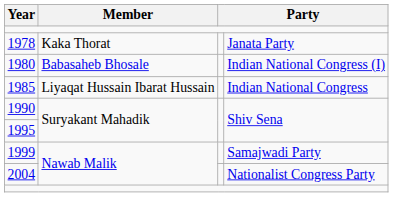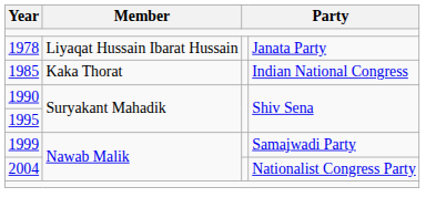 <table class=wikitable>
 <tr>
 <th>Year</th>
 <th>Member</th>
 <th colspan="2">Party</th>
 </tr>
 <tr>
 <td colspan="4"></td>
 </tr>
 <tr>
 <td><a href='#'>1978</a></td>
-<td>Kaka Thorat</td>
+<td>Liyaqat Hussain Ibarat Hussain</td>
 <td style="background-color:"></td>
 <td><a href='#'>Janata Party</a></td>
 </tr>
 <tr>
-<td><a href='#'>1980</a></td>
-<td><a href='#'>Babasaheb Bhosale</a></td>
-<td style="background-color:"></td>
-<td><a href='#'>Indian National Congress (I)</a></td>
-</tr>
-<tr>
 <td><a href='#'>1985</a></td>
-<td>Liyaqat Hussain Ibarat Hussain</td>
+<td>Kaka Thorat</td>
 <td style="background-color:"></td>
 <td><a href='#'>Indian National Congress</a></td>
 </tr>
 <tr>
 <td><a href='#'>1990</a></td>
 <td rowspan="2">Suryakant Mahadik</td>
 <td rowspan="2" style="background-color:"></td>
 <td rowspan="2"><a href='#'>Shiv Sena</a></td>
 </tr>
 <tr>
 <td><a href='#'>1995</a></td>
 </tr>
 <tr>
 <td><a href='#'>1999</a></td>
 <td rowspan="2"><a href='#'>Nawab Malik</a></td>
 <td style="background-color:"></td>
 <td><a href='#'>Samajwadi Party</a></td>
 </tr>
 <tr>
 <td><a href='#'>2004</a></td>
 <td style="background-color:"></td>
 <td><a href='#'>Nationalist Congress Party</a></td>
 </tr>
 <tr>
 <td colspan="4"></td>
 </tr>
 </table>
